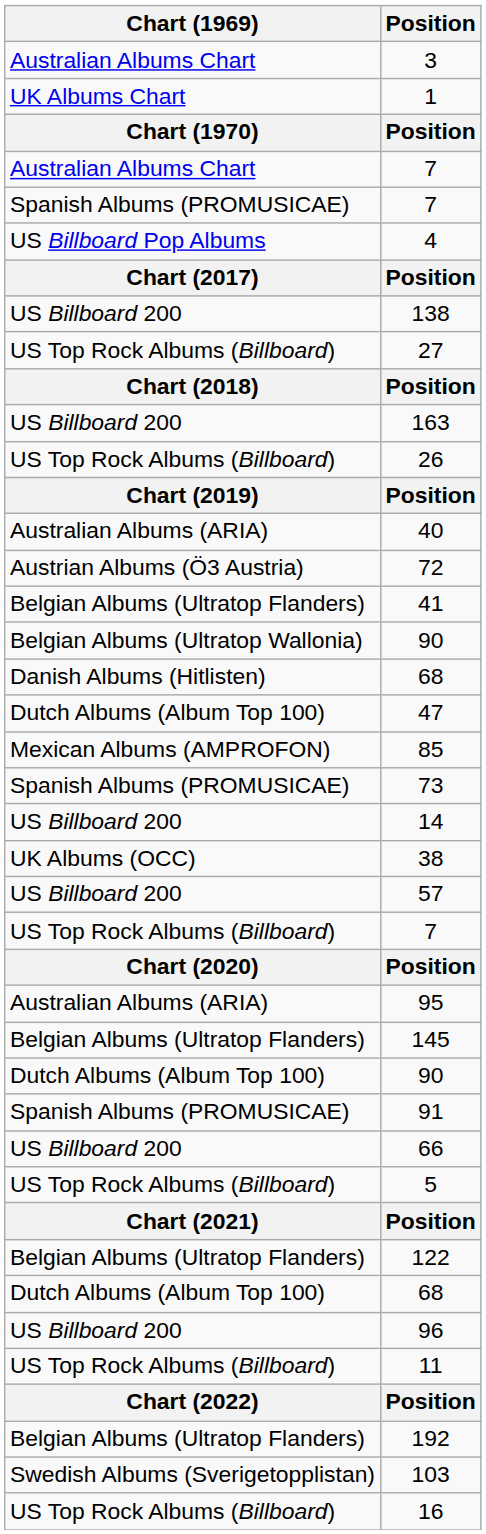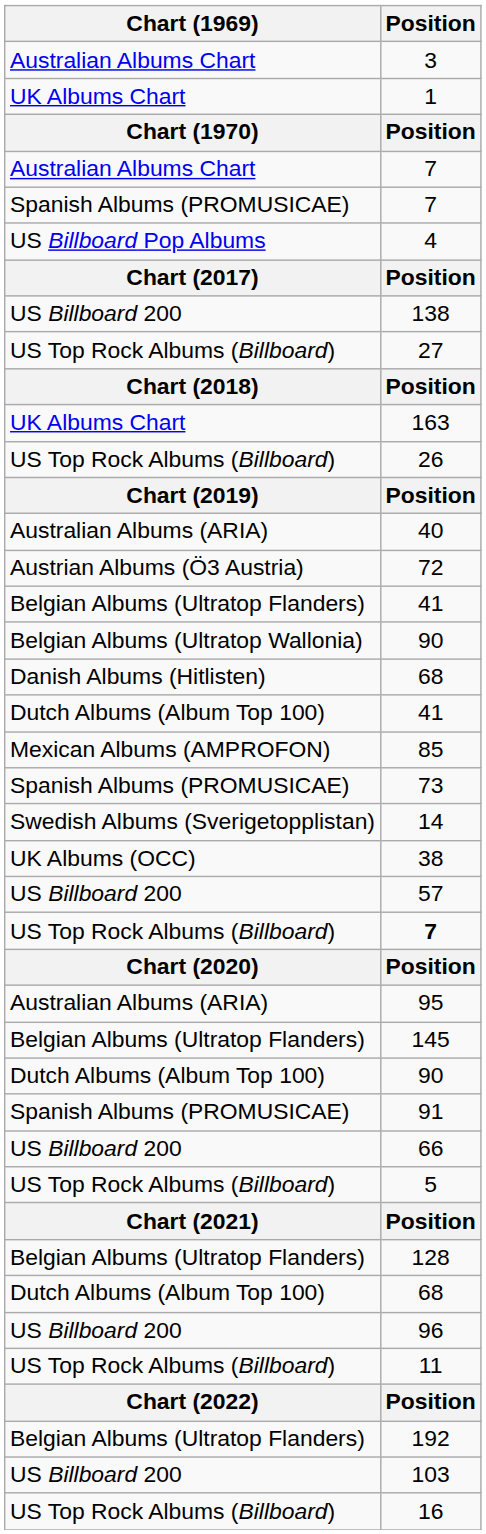 <table class="wikitable" style="text-align:center;float:left;margin-right:1em;">
 <tr>
 <th>Chart (1969)</th>
 <th>Position</th>
 </tr>
 <tr>
 <td align="left"><a href='#'>Australian Albums Chart</a></td>
 <td>3</td>
 </tr>
 <tr>
 <td align="left"><a href='#'>UK Albums Chart</a></td>
 <td>1</td>
 </tr>
 <tr>
 <th>Chart (1970)</th>
 <th>Position</th>
 </tr>
 <tr>
 <td align="left"><a href='#'>Australian Albums Chart</a></td>
 <td>7</td>
 </tr>
 <tr>
 <td align="left">Spanish Albums (PROMUSICAE)</td>
 <td>7</td>
 </tr>
 <tr>
 <td align="left">US <a href='#'><em>Billboard</em> Pop Albums</a></td>
 <td>4</td>
 </tr>
 <tr>
 <th>Chart (2017)</th>
 <th>Position</th>
 </tr>
 <tr>
 <td align="left">US <em>Billboard</em> 200</td>
 <td>138</td>
 </tr>
 <tr>
 <td align="left">US Top Rock Albums (<em>Billboard</em>)</td>
 <td>27</td>
 </tr>
 <tr>
 <th>Chart (2018)</th>
 <th>Position</th>
 </tr>
 <tr>
-<td align="left">US <em>Billboard</em> 200</td>
+<td align="left"><a href='#'>UK Albums Chart</a></td>
 <td>163</td>
 </tr>
 <tr>
 <td align="left">US Top Rock Albums (<em>Billboard</em>)</td>
 <td>26</td>
 </tr>
 <tr>
 <th>Chart (2019)</th>
 <th>Position</th>
 </tr>
 <tr>
 <td align="left">Australian Albums (ARIA)</td>
 <td>40</td>
 </tr>
 <tr>
 <td align="left">Austrian Albums (Ö3 Austria)</td>
 <td>72</td>
 </tr>
 <tr>
 <td align="left">Belgian Albums (Ultratop Flanders)</td>
 <td>41</td>
 </tr>
 <tr>
 <td align="left">Belgian Albums (Ultratop Wallonia)</td>
 <td>90</td>
 </tr>
 <tr>
 <td align="left">Danish Albums (Hitlisten)</td>
 <td>68</td>
 </tr>
 <tr>
 <td align="left">Dutch Albums (Album Top 100)</td>
-<td>47</td>
+<td>41</td>
 </tr>
 <tr>
 <td align="left">Mexican Albums (AMPROFON)</td>
 <td>85</td>
 </tr>
 <tr>
 <td align="left">Spanish Albums (PROMUSICAE)</td>
 <td>73</td>
 </tr>
 <tr>
-<td align="left">US <em>Billboard</em> 200</td>
+<td align="left">Swedish Albums (Sverigetopplistan)</td>
 <td>14</td>
 </tr>
 <tr>
 <td align="left">UK Albums (OCC)</td>
 <td>38</td>
 </tr>
 <tr>
 <td align="left">US <em>Billboard</em> 200</td>
 <td>57</td>
 </tr>
 <tr>
 <td align="left">US Top Rock Albums (<em>Billboard</em>)</td>
-<td>7</td>
+<td><strong>7</strong></td>
 </tr>
 <tr>
 <th>Chart (2020)</th>
 <th>Position</th>
 </tr>
 <tr>
 <td align="left">Australian Albums (ARIA)</td>
 <td>95</td>
 </tr>
 <tr>
 <td align="left">Belgian Albums (Ultratop Flanders)</td>
 <td>145</td>
 </tr>
 <tr>
 <td align="left">Dutch Albums (Album Top 100)</td>
 <td>90</td>
 </tr>
 <tr>
 <td align="left">Spanish Albums (PROMUSICAE)</td>
 <td>91</td>
 </tr>
 <tr>
 <td align="left">US <em>Billboard</em> 200</td>
 <td>66</td>
 </tr>
 <tr>
 <td align="left">US Top Rock Albums (<em>Billboard</em>)</td>
 <td>5</td>
 </tr>
 <tr>
 <th>Chart (2021)</th>
 <th>Position</th>
 </tr>
 <tr>
 <td align="left">Belgian Albums (Ultratop Flanders)</td>
-<td>122</td>
+<td>128</td>
 </tr>
 <tr>
 <td align="left">Dutch Albums (Album Top 100)</td>
 <td>68</td>
 </tr>
 <tr>
 <td align="left">US <em>Billboard</em> 200</td>
 <td>96</td>
 </tr>
 <tr>
 <td align="left">US Top Rock Albums (<em>Billboard</em>)</td>
 <td>11</td>
 </tr>
 <tr>
 <th>Chart (2022)</th>
 <th>Position</th>
 </tr>
 <tr>
 <td align="left">Belgian Albums (Ultratop Flanders)</td>
 <td>192</td>
 </tr>
 <tr>
-<td align="left">Swedish Albums (Sverigetopplistan)</td>
+<td align="left">US <em>Billboard</em> 200</td>
 <td>103</td>
 </tr>
 <tr>
 <td align="left">US Top Rock Albums (<em>Billboard</em>)</td>
 <td>16</td>
 </tr>
 </table>
